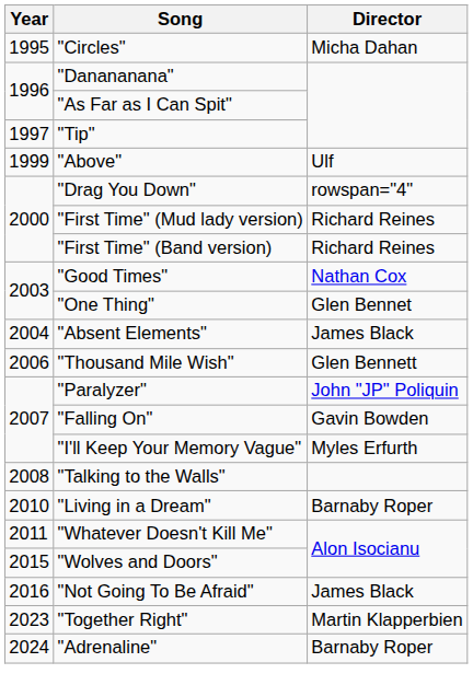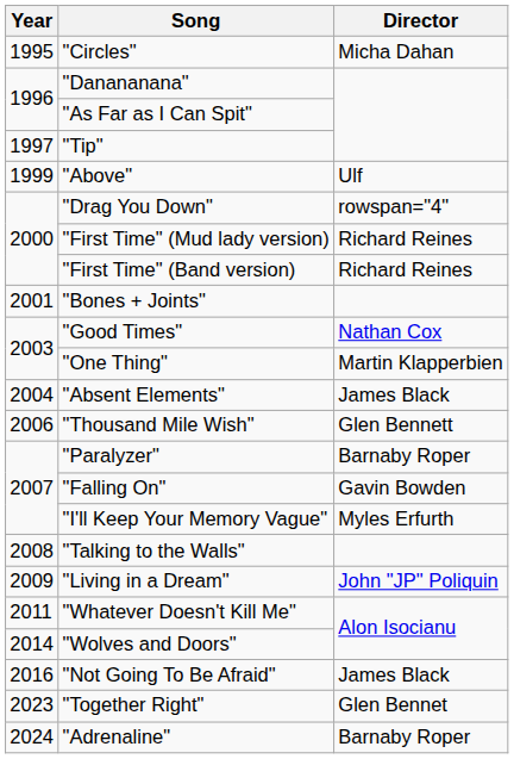 <table class="wikitable">
 <tr>
 <th>Year</th>
 <th>Song</th>
 <th>Director</th>
 </tr>
 <tr>
 <td>1995</td>
 <td>"Circles"</td>
 <td>Micha Dahan</td>
 </tr>
 <tr>
 <td rowspan="2">1996</td>
 <td>"Danananana"</td>
 </tr>
 <tr>
 <td>"As Far as I Can Spit"</td>
 </tr>
 <tr>
 <td>1997</td>
 <td>"Tip"</td>
 </tr>
 <tr>
 <td>1999</td>
 <td>"Above"</td>
 <td>Ulf</td>
 </tr>
 <tr>
 <td rowspan="3">2000</td>
 <td>"Drag You Down"</td>
 <td>rowspan="4" </td>
 </tr>
 <tr>
 <td>"First Time" (Mud lady version)</td>
 <td>Richard Reines</td>
 </tr>
 <tr>
 <td>"First Time" (Band version)</td>
 <td>Richard Reines</td>
 </tr>
 <tr>
+<td>2001</td>
+<td>"Bones + Joints"</td>
+<td></td>
+</tr>
+<tr>
 <td rowspan="2">2003</td>
 <td>"Good Times"</td>
 <td><a href='#'>Nathan Cox</a></td>
 </tr>
 <tr>
 <td>"One Thing"</td>
-<td>Glen Bennet</td>
+<td>Martin Klapperbien</td>
 </tr>
 <tr>
 <td>2004</td>
 <td>"Absent Elements"</td>
 <td>James Black</td>
 </tr>
 <tr>
 <td>2006</td>
 <td>"Thousand Mile Wish"</td>
 <td>Glen Bennett</td>
 </tr>
 <tr>
 <td rowspan="3">2007</td>
 <td>"Paralyzer"</td>
-<td><a href='#'>John "JP" Poliquin</a></td>
+<td>Barnaby Roper</td>
 </tr>
 <tr>
 <td>"Falling On"</td>
 <td>Gavin Bowden</td>
 </tr>
 <tr>
 <td>"I'll Keep Your Memory Vague"</td>
 <td>Myles Erfurth</td>
 </tr>
 <tr>
 <td>2008</td>
 <td>"Talking to the Walls"</td>
 <td></td>
 </tr>
 <tr>
-<td>2010</td>
+<td>2009</td>
 <td>"Living in a Dream"</td>
-<td>Barnaby Roper</td>
+<td><a href='#'>John "JP" Poliquin</a></td>
 </tr>
 <tr>
 <td>2011</td>
 <td>"Whatever Doesn't Kill Me"</td>
 <td rowspan="2"><a href='#'>Alon Isocianu</a></td>
 </tr>
 <tr>
-<td>2015</td>
+<td>2014</td>
 <td>"Wolves and Doors"</td>
 </tr>
 <tr>
 <td>2016</td>
 <td>"Not Going To Be Afraid"</td>
 <td>James Black</td>
 </tr>
 <tr>
 <td>2023</td>
 <td>"Together Right"</td>
-<td>Martin Klapperbien</td>
+<td>Glen Bennet</td>
 </tr>
 <tr>
 <td>2024</td>
 <td>"Adrenaline"</td>
 <td>Barnaby Roper</td>
 </tr>
 </table>
